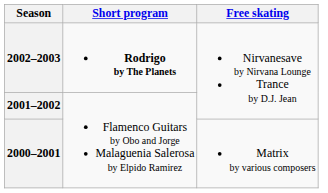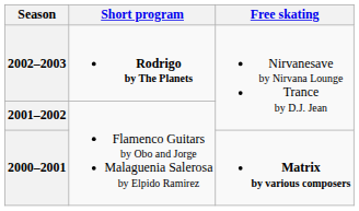 <table class=wikitable style=text-align:center>
 <tr>
 <th>Season</th>
 <th><a href='#'>Short program</a></th>
 <th><a href='#'>Free skating</a></th>
 </tr>
 <tr>
 <th>2002–2003 <br> </th>
 <td><strong><br><ul><li>Rodrigo <br><small> by The Planets </small></li></ul></strong></td>
 <td rowspan=2><br><ul><li>Nirvanesave <br><small> by Nirvana Lounge </small></li><li>Trance <br><small> by D.J. Jean </small></li></ul></td>
 </tr>
 <tr>
 <th>2001–2002 <br> </th>
 <td rowspan=2><br><ul><li>Flamenco Guitars <br><small> by Obo and Jorge </small></li><li>Malaguenia Salerosa <br><small> by Elpido Ramirez </small></li></ul></td>
 </tr>
 <tr>
 <th>2000–2001 <br> </th>
-<td><br><ul><li>Matrix <br><small> by various composers </small></li></ul></td>
+<td><strong><br><ul><li>Matrix <br><small> by various composers </small></li></ul></strong></td>
 </tr>
 </table>
